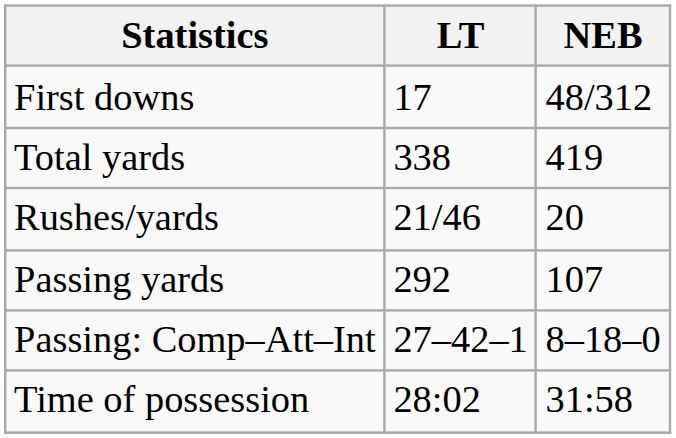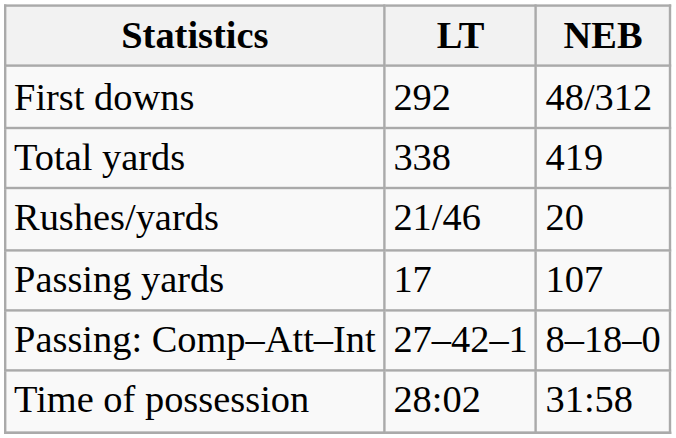 <table class="wikitable" style="float: left;">
 <tr>
 <th>Statistics</th>
 <th>LT</th>
 <th>NEB</th>
 </tr>
 <tr>
 <td>First downs</td>
-<td>17</td>
+<td>292</td>
 <td>48/312</td>
 </tr>
 <tr>
 <td>Total yards</td>
 <td>338</td>
 <td>419</td>
 </tr>
 <tr>
 <td>Rushes/yards</td>
 <td>21/46</td>
 <td>20</td>
 </tr>
 <tr>
 <td>Passing yards</td>
-<td>292</td>
+<td>17</td>
 <td>107</td>
 </tr>
 <tr>
 <td>Passing: Comp–Att–Int</td>
 <td>27–42–1</td>
 <td>8–18–0</td>
 </tr>
 <tr>
 <td>Time of possession</td>
 <td>28:02</td>
 <td>31:58</td>
 </tr>
 <tr>
 </tr>
 </table>
